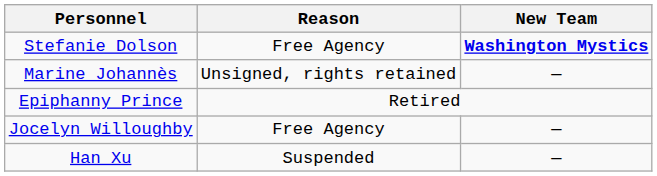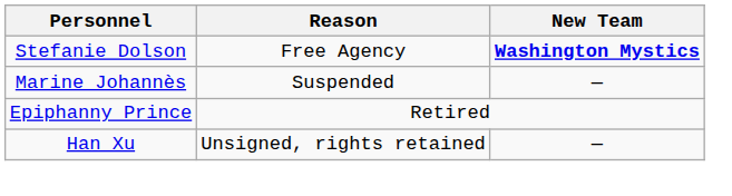 <table class="wikitable" style="text-align: center">
 <tr align="center"  bgcolor="#dddddd">
 <th><strong>Personnel</strong></th>
 <th><strong>Reason</strong></th>
 <th><strong>New Team</strong></th>
 </tr>
 <tr>
 <td><a href='#'>Stefanie Dolson</a></td>
 <td>Free Agency</td>
 <td><strong><a href='#'>Washington Mystics</a></strong></td>
 </tr>
 <tr>
 <td><a href='#'>Marine Johannès</a></td>
-<td>Unsigned, rights retained</td>
+<td>Suspended</td>
 <td>—</td>
 </tr>
 <tr>
 <td><a href='#'>Epiphanny Prince</a></td>
 <td colspan=2>Retired</td>
 </tr>
 <tr>
-<td><a href='#'>Jocelyn Willoughby</a></td>
-<td>Free Agency</td>
-<td>—</td>
-</tr>
-<tr>
 <td><a href='#'>Han Xu</a></td>
-<td>Suspended</td>
+<td>Unsigned, rights retained</td>
 <td>—</td>
 </tr>
 </table>
